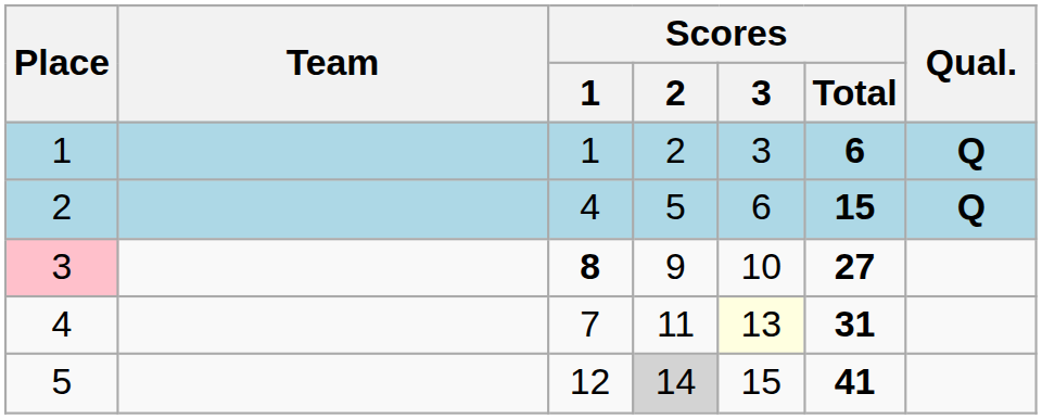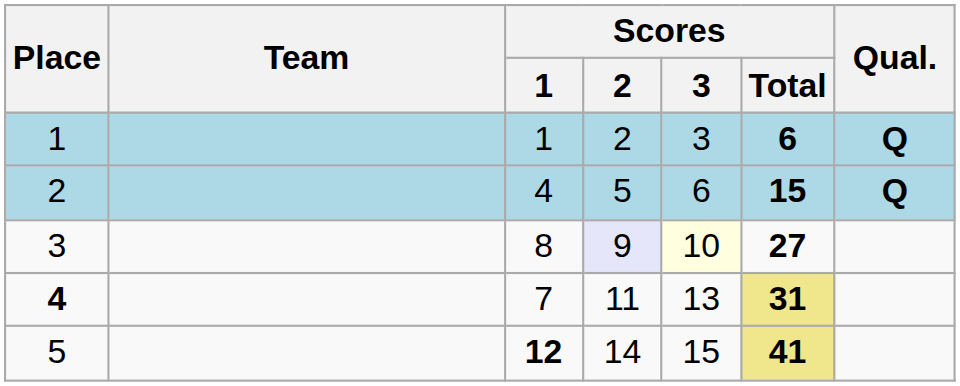 <table class=wikitable style="text-align:center">
 <tr>
 <th width=20 rowspan=2>Place</th>
 <th width=180 rowspan=2>Team</th>
 <th colspan=4>Scores</th>
 <th width=50 rowspan=2>Qual.</th>
 </tr>
 <tr>
 <th width=30>1</th>
 <th width=30>2</th>
 <th width=30>3</th>
 <th>Total</th>
 </tr>
 <tr bgcolor=lightblue>
 <td>1</td>
 <td align=left></td>
 <td>1</td>
 <td>2</td>
 <td>3</td>
 <td><strong>6</strong></td>
 <td><strong>Q</strong></td>
 </tr>
 <tr bgcolor=lightblue>
 <td>2</td>
 <td align=left></td>
 <td>4</td>
 <td>5</td>
 <td>6</td>
 <td><strong>15</strong></td>
 <td><strong>Q</strong></td>
 </tr>
 <tr>
-<td style="background: pink;">3</td>
+<td>3</td>
 <td align=left></td>
-<td><strong>8</strong></td>
-<td>9</td>
-<td>10</td>
+<td>8</td>
+<td style="background: lavender;">9</td>
+<td style="background: lightyellow;">10</td>
 <td><strong>27</strong></td>
 <td></td>
 </tr>
 <tr>
-<td>4</td>
+<td><strong>4</strong></td>
 <td align=left></td>
 <td>7</td>
 <td>11</td>
-<td style="background: lightyellow;">13</td>
-<td><strong>31</strong></td>
+<td>13</td>
+<td style="background: khaki;"><strong>31</strong></td>
 <td></td>
 </tr>
 <tr>
 <td>5</td>
 <td align=left></td>
-<td>12</td>
-<td style="background: lightgrey;">14</td>
+<td><strong>12</strong></td>
+<td>14</td>
 <td>15</td>
-<td><strong>41</strong></td>
+<td style="background: khaki;"><strong>41</strong></td>
 <td></td>
 </tr>
 </table>
